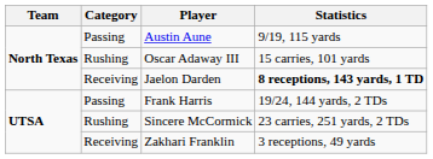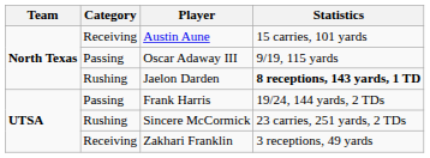 <table class="wikitable" style="float: left;">
 <tr>
 <th>Team</th>
 <th>Category</th>
 <th>Player</th>
 <th>Statistics</th>
 </tr>
 <tr>
 <td rowspan=3><strong>North Texas</strong></td>
+<td>Receiving</td>
+<td><a href='#'>Austin Aune</a></td>
+<td>15 carries, 101 yards</td>
+</tr>
+<tr>
 <td>Passing</td>
-<td><a href='#'>Austin Aune</a></td>
+<td>Oscar Adaway III</td>
 <td>9/19, 115 yards</td>
 </tr>
 <tr>
 <td>Rushing</td>
-<td>Oscar Adaway III</td>
-<td>15 carries, 101 yards</td>
-</tr>
-<tr>
-<td>Receiving</td>
 <td>Jaelon Darden</td>
 <td><strong>8 receptions, 143 yards, 1 TD</strong></td>
 </tr>
 <tr>
 <td rowspan=3><strong>UTSA</strong></td>
 <td>Passing</td>
 <td>Frank Harris</td>
 <td>19/24, 144 yards, 2 TDs</td>
 </tr>
 <tr>
 <td>Rushing</td>
 <td>Sincere McCormick</td>
 <td>23 carries, 251 yards, 2 TDs</td>
 </tr>
 <tr>
 <td>Receiving</td>
 <td>Zakhari Franklin</td>
 <td>3 receptions, 49 yards</td>
 </tr>
 </table>
